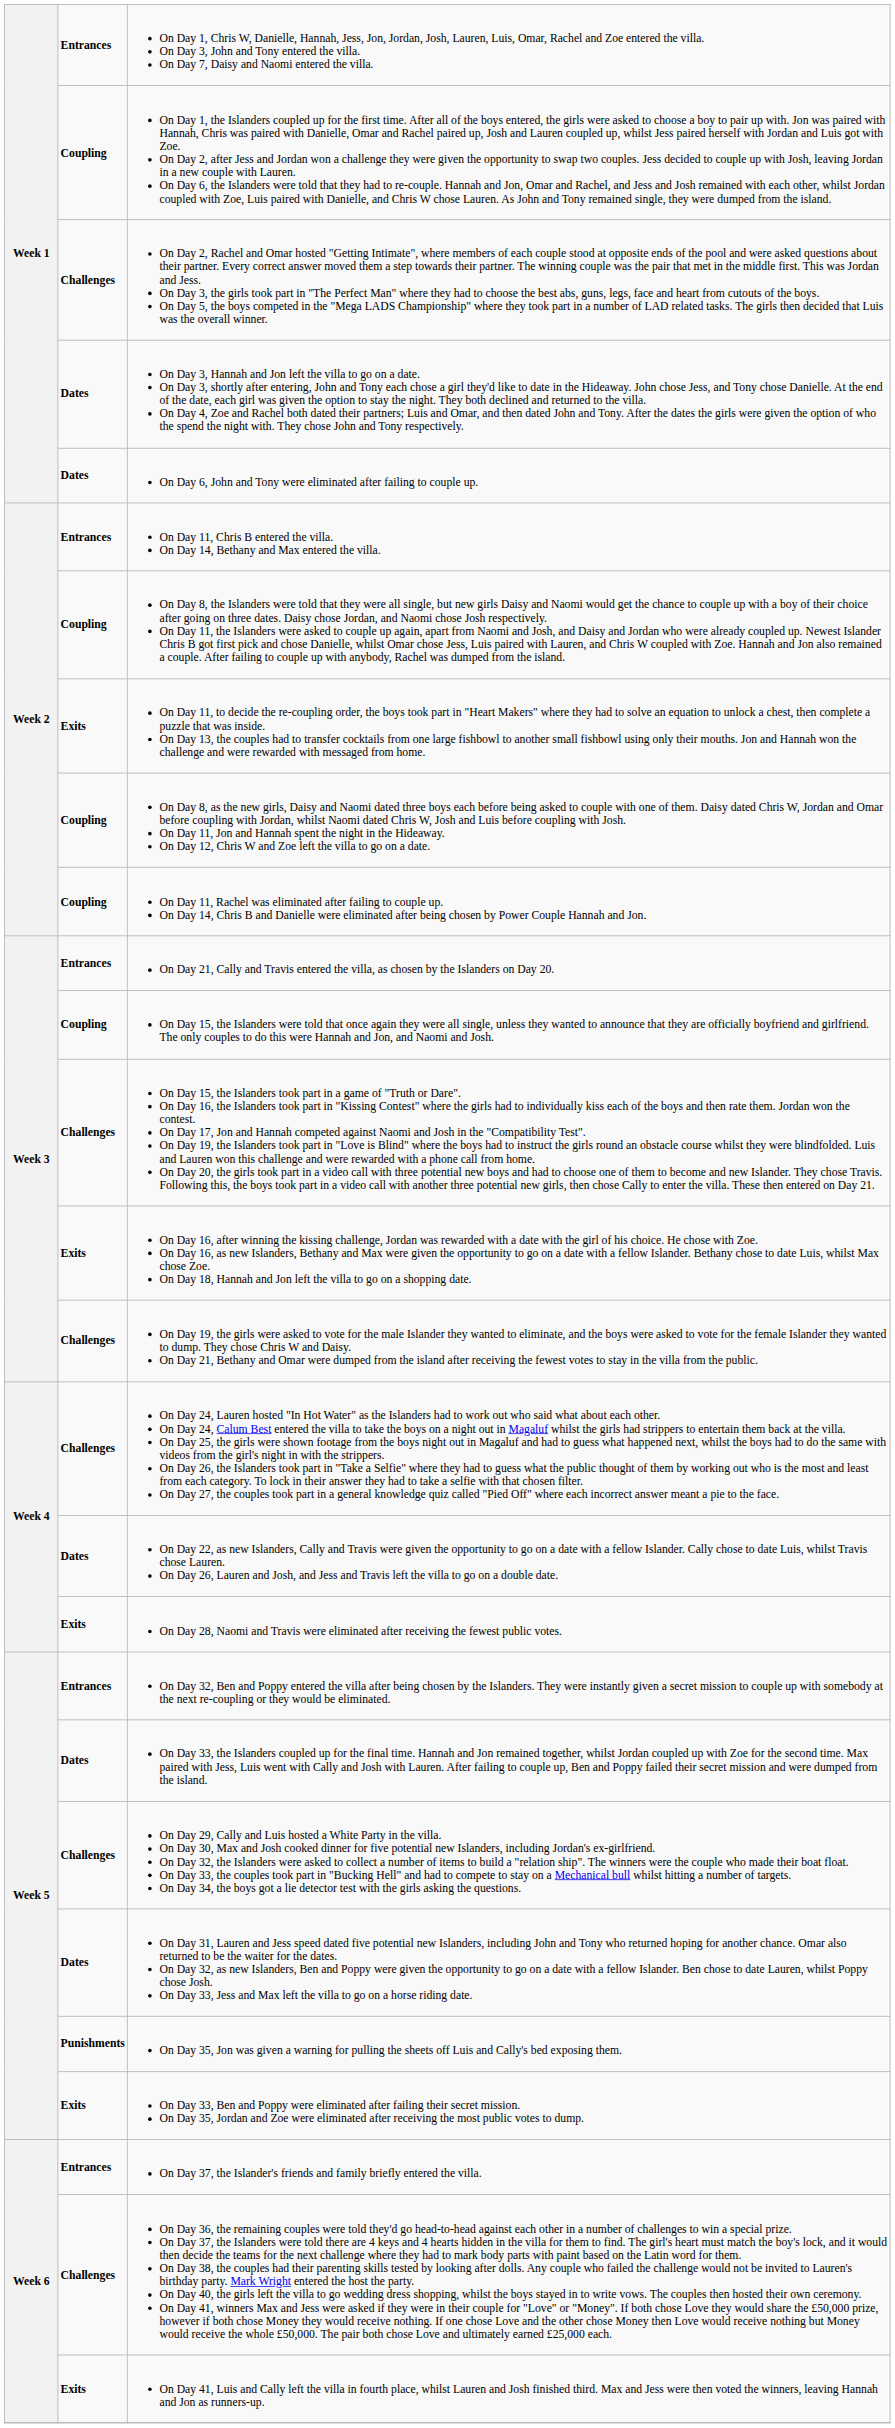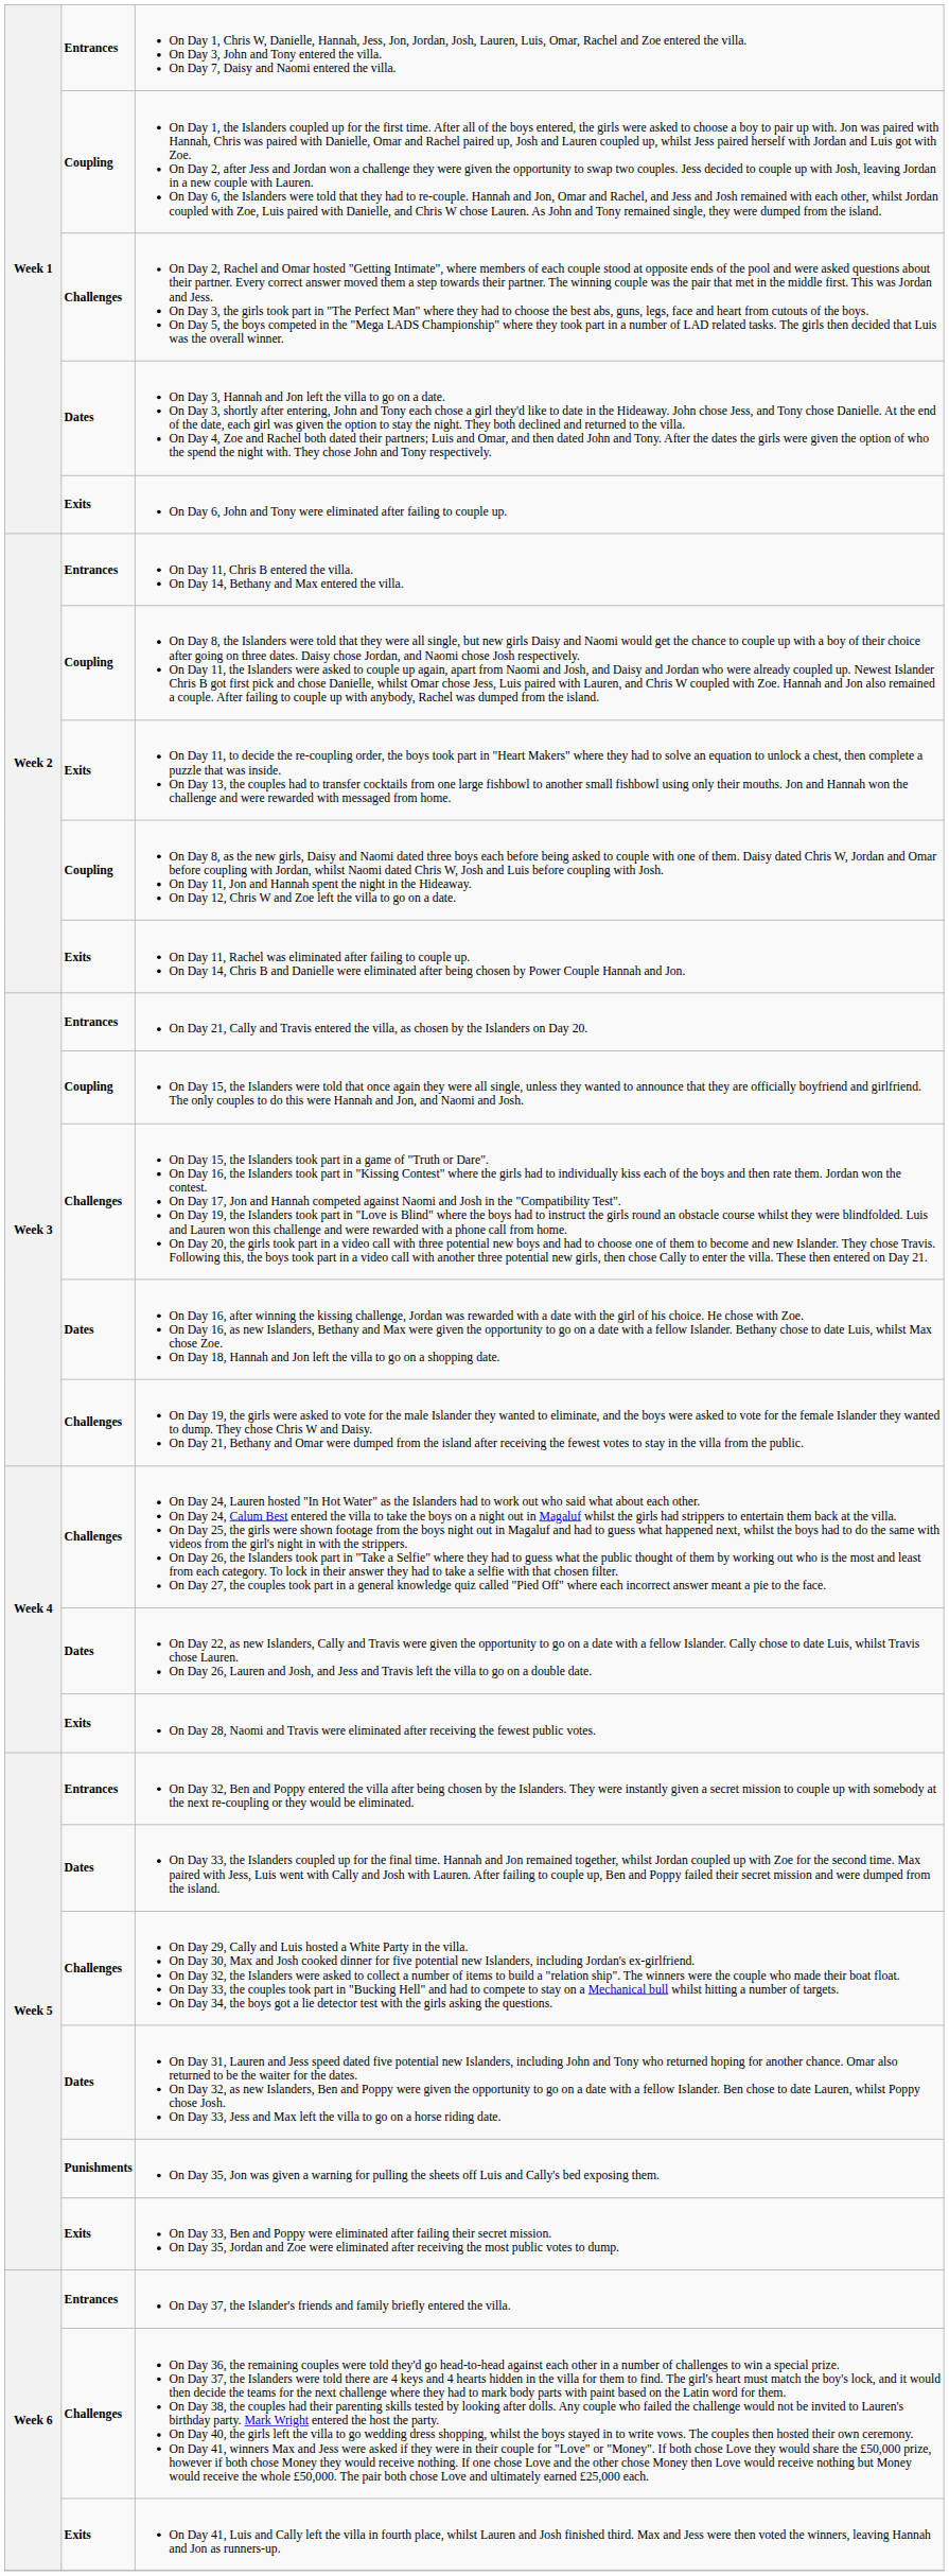 <table class="wikitable" style="width: 96%; margin-left: auto; margin-right: auto;">
 <tr>
 <th rowspan=5 style="width: 6%;">Week 1</th>
 <td><strong>Entrances</strong></td>
 <td><br><ul><li>On Day 1, Chris W, Danielle, Hannah, Jess, Jon, Jordan, Josh, Lauren, Luis, Omar, Rachel and Zoe entered the villa.</li><li>On Day 3, John and Tony entered the villa.</li><li>On Day 7, Daisy and Naomi entered the villa.</li></ul></td>
 </tr>
 <tr>
 <td><strong>Coupling</strong></td>
 <td><br><ul><li>On Day 1, the Islanders coupled up for the first time. After all of the boys entered, the girls were asked to choose a boy to pair up with. Jon was paired with Hannah, Chris was paired with Danielle, Omar and Rachel paired up, Josh and Lauren coupled up, whilst Jess paired herself with Jordan and Luis got with Zoe.</li><li>On Day 2, after Jess and Jordan won a challenge they were given the opportunity to swap two couples. Jess decided to couple up with Josh, leaving Jordan in a new couple with Lauren.</li><li>On Day 6, the Islanders were told that they had to re-couple. Hannah and Jon, Omar and Rachel, and Jess and Josh remained with each other, whilst Jordan coupled with Zoe, Luis paired with Danielle, and Chris W chose Lauren. As John and Tony remained single, they were dumped from the island.</li></ul></td>
 </tr>
 <tr>
 <td><strong>Challenges</strong></td>
 <td><br><ul><li>On Day 2, Rachel and Omar hosted "Getting Intimate", where members of each couple stood at opposite ends of the pool and were asked questions about their partner. Every correct answer moved them a step towards their partner. The winning couple was the pair that met in the middle first. This was Jordan and Jess.</li><li>On Day 3, the girls took part in "The Perfect Man" where they had to choose the best abs, guns, legs, face and heart from cutouts of the boys.</li><li>On Day 5, the boys competed in the "Mega LADS Championship" where they took part in a number of LAD related tasks. The girls then decided that Luis was the overall winner.</li></ul></td>
 </tr>
 <tr>
 <td><strong>Dates</strong></td>
 <td><br><ul><li>On Day 3, Hannah and Jon left the villa to go on a date.</li><li>On Day 3, shortly after entering, John and Tony each chose a girl they'd like to date in the Hideaway. John chose Jess, and Tony chose Danielle. At the end of the date, each girl was given the option to stay the night. They both declined and returned to the villa.</li><li>On Day 4, Zoe and Rachel both dated their partners; Luis and Omar, and then dated John and Tony. After the dates the girls were given the option of who the spend the night with. They chose John and Tony respectively.</li></ul></td>
 </tr>
 <tr>
-<td><strong>Dates</strong></td>
+<td><strong>Exits</strong></td>
 <td><br><ul><li>On Day 6, John and Tony were eliminated after failing to couple up.</li></ul></td>
 </tr>
 <tr>
 <th rowspan=5 style="width: 6%;">Week 2</th>
 <td><strong>Entrances</strong></td>
 <td><br><ul><li>On Day 11, Chris B entered the villa.</li><li>On Day 14, Bethany and Max entered the villa.</li></ul></td>
 </tr>
 <tr>
 <td><strong>Coupling</strong></td>
 <td><br><ul><li>On Day 8, the Islanders were told that they were all single, but new girls Daisy and Naomi would get the chance to couple up with a boy of their choice after going on three dates. Daisy chose Jordan, and Naomi chose Josh respectively.</li><li>On Day 11, the Islanders were asked to couple up again, apart from Naomi and Josh, and Daisy and Jordan who were already coupled up. Newest Islander Chris B got first pick and chose Danielle, whilst Omar chose Jess, Luis paired with Lauren, and Chris W coupled with Zoe. Hannah and Jon also remained a couple. After failing to couple up with anybody, Rachel was dumped from the island.</li></ul></td>
 </tr>
 <tr>
 <td><strong>Exits</strong></td>
 <td><br><ul><li>On Day 11, to decide the re-coupling order, the boys took part in "Heart Makers" where they had to solve an equation to unlock a chest, then complete a puzzle that was inside.</li><li>On Day 13, the couples had to transfer cocktails from one large fishbowl to another small fishbowl using only their mouths. Jon and Hannah won the challenge and were rewarded with messaged from home.</li></ul></td>
 </tr>
 <tr>
 <td><strong>Coupling</strong></td>
 <td><br><ul><li>On Day 8, as the new girls, Daisy and Naomi dated three boys each before being asked to couple with one of them. Daisy dated Chris W, Jordan and Omar before coupling with Jordan, whilst Naomi dated Chris W, Josh and Luis before coupling with Josh.</li><li>On Day 11, Jon and Hannah spent the night in the Hideaway.</li><li>On Day 12, Chris W and Zoe left the villa to go on a date.</li></ul></td>
 </tr>
 <tr>
-<td><strong>Coupling</strong></td>
+<td><strong>Exits</strong></td>
 <td><br><ul><li>On Day 11, Rachel was eliminated after failing to couple up.</li><li>On Day 14, Chris B and Danielle were eliminated after being chosen by Power Couple Hannah and Jon.</li></ul></td>
 </tr>
 <tr>
 <th rowspan=5 style="width: 6%;">Week 3</th>
 <td><strong>Entrances</strong></td>
 <td><br><ul><li>On Day 21, Cally and Travis entered the villa, as chosen by the Islanders on Day 20.</li></ul></td>
 </tr>
 <tr>
 <td><strong>Coupling</strong></td>
 <td><br><ul><li>On Day 15, the Islanders were told that once again they were all single, unless they wanted to announce that they are officially boyfriend and girlfriend. The only couples to do this were Hannah and Jon, and Naomi and Josh.</li></ul></td>
 </tr>
 <tr>
 <td><strong>Challenges</strong></td>
 <td><br><ul><li>On Day 15, the Islanders took part in a game of "Truth or Dare".</li><li>On Day 16, the Islanders took part in "Kissing Contest" where the girls had to individually kiss each of the boys and then rate them. Jordan won the contest.</li><li>On Day 17, Jon and Hannah competed against Naomi and Josh in the "Compatibility Test".</li><li>On Day 19, the Islanders took part in "Love is Blind" where the boys had to instruct the girls round an obstacle course whilst they were blindfolded. Luis and Lauren won this challenge and were rewarded with a phone call from home.</li><li>On Day 20, the girls took part in a video call with three potential new boys and had to choose one of them to become and new Islander. They chose Travis. Following this, the boys took part in a video call with another three potential new girls, then chose Cally to enter the villa. These then entered on Day 21.</li></ul></td>
 </tr>
 <tr>
-<td><strong>Exits</strong></td>
+<td><strong>Dates</strong></td>
 <td><br><ul><li>On Day 16, after winning the kissing challenge, Jordan was rewarded with a date with the girl of his choice. He chose with Zoe.</li><li>On Day 16, as new Islanders, Bethany and Max were given the opportunity to go on a date with a fellow Islander. Bethany chose to date Luis, whilst Max chose Zoe.</li><li>On Day 18, Hannah and Jon left the villa to go on a shopping date.</li></ul></td>
 </tr>
 <tr>
 <td><strong>Challenges</strong></td>
 <td><br><ul><li>On Day 19, the girls were asked to vote for the male Islander they wanted to eliminate, and the boys were asked to vote for the female Islander they wanted to dump. They chose Chris W and Daisy.</li><li>On Day 21, Bethany and Omar were dumped from the island after receiving the fewest votes to stay in the villa from the public.</li></ul></td>
 </tr>
 <tr>
 <th rowspan=3 style="width: 6%;">Week 4</th>
 <td><strong>Challenges</strong></td>
 <td><br><ul><li>On Day 24, Lauren hosted "In Hot Water" as the Islanders had to work out who said what about each other.</li><li>On Day 24, <a href='#'>Calum Best</a> entered the villa to take the boys on a night out in <a href='#'>Magaluf</a> whilst the girls had strippers to entertain them back at the villa.</li><li>On Day 25, the girls were shown footage from the boys night out in Magaluf and had to guess what happened next, whilst the boys had to do the same with videos from the girl's night in with the strippers.</li><li>On Day 26, the Islanders took part in "Take a Selfie" where they had to guess what the public thought of them by working out who is the most and least from each category. To lock in their answer they had to take a selfie with that chosen filter.</li><li>On Day 27, the couples took part in a general knowledge quiz called "Pied Off" where each incorrect answer meant a pie to the face.</li></ul></td>
 </tr>
 <tr>
 <td><strong>Dates</strong></td>
 <td><br><ul><li>On Day 22, as new Islanders, Cally and Travis were given the opportunity to go on a date with a fellow Islander. Cally chose to date Luis, whilst Travis chose Lauren.</li><li>On Day 26, Lauren and Josh, and Jess and Travis left the villa to go on a double date.</li></ul></td>
 </tr>
 <tr>
 <td><strong>Exits</strong></td>
 <td><br><ul><li>On Day 28, Naomi and Travis were eliminated after receiving the fewest public votes.</li></ul></td>
 </tr>
 <tr>
 <th rowspan=6 style="width: 6%;">Week 5</th>
 <td><strong>Entrances</strong></td>
 <td><br><ul><li>On Day 32, Ben and Poppy entered the villa after being chosen by the Islanders. They were instantly given a secret mission to couple up with somebody at the next re-coupling or they would be eliminated.</li></ul></td>
 </tr>
 <tr>
 <td><strong>Dates</strong></td>
 <td><br><ul><li>On Day 33, the Islanders coupled up for the final time. Hannah and Jon remained together, whilst Jordan coupled up with Zoe for the second time. Max paired with Jess, Luis went with Cally and Josh with Lauren. After failing to couple up, Ben and Poppy failed their secret mission and were dumped from the island.</li></ul></td>
 </tr>
 <tr>
 <td><strong>Challenges</strong></td>
 <td><br><ul><li>On Day 29, Cally and Luis hosted a White Party in the villa.</li><li>On Day 30, Max and Josh cooked dinner for five potential new Islanders, including Jordan's ex-girlfriend.</li><li>On Day 32, the Islanders were asked to collect a number of items to build a "relation ship". The winners were the couple who made their boat float.</li><li>On Day 33, the couples took part in "Bucking Hell" and had to compete to stay on a <a href='#'>Mechanical bull</a> whilst hitting a number of targets.</li><li>On Day 34, the boys got a lie detector test with the girls asking the questions.</li></ul></td>
 </tr>
 <tr>
 <td><strong>Dates</strong></td>
 <td><br><ul><li>On Day 31, Lauren and Jess speed dated five potential new Islanders, including John and Tony who returned hoping for another chance. Omar also returned to be the waiter for the dates.</li><li>On Day 32, as new Islanders, Ben and Poppy were given the opportunity to go on a date with a fellow Islander. Ben chose to date Lauren, whilst Poppy chose Josh.</li><li>On Day 33, Jess and Max left the villa to go on a horse riding date.</li></ul></td>
 </tr>
 <tr>
 <td><strong>Punishments</strong></td>
 <td><br><ul><li>On Day 35, Jon was given a warning for pulling the sheets off Luis and Cally's bed exposing them.</li></ul></td>
 </tr>
 <tr>
 <td><strong>Exits</strong></td>
 <td><br><ul><li>On Day 33, Ben and Poppy were eliminated after failing their secret mission.</li><li>On Day 35, Jordan and Zoe were eliminated after receiving the most public votes to dump.</li></ul></td>
 </tr>
 <tr>
 <th rowspan=3 style="width: 6%;">Week 6</th>
 <td><strong>Entrances</strong></td>
 <td><br><ul><li>On Day 37, the Islander's friends and family briefly entered the villa.</li></ul></td>
 </tr>
 <tr>
 <td><strong>Challenges</strong></td>
 <td><br><ul><li>On Day 36, the remaining couples were told they'd go head-to-head against each other in a number of challenges to win a special prize.</li><li>On Day 37, the Islanders were told there are 4 keys and 4 hearts hidden in the villa for them to find. The girl's heart must match the boy's lock, and it would then decide the teams for the next challenge where they had to mark body parts with paint based on the Latin word for them.</li><li>On Day 38, the couples had their parenting skills tested by looking after dolls. Any couple who failed the challenge would not be invited to Lauren's birthday party. <a href='#'>Mark Wright</a> entered the host the party.</li><li>On Day 40, the girls left the villa to go wedding dress shopping, whilst the boys stayed in to write vows. The couples then hosted their own ceremony.</li><li>On Day 41, winners Max and Jess were asked if they were in their couple for "Love" or "Money". If both chose Love they would share the £50,000 prize, however if both chose Money they would receive nothing. If one chose Love and the other chose Money then Love would receive nothing but Money would receive the whole £50,000. The pair both chose Love and ultimately earned £25,000 each.</li></ul></td>
 </tr>
 <tr>
 <td><strong>Exits</strong></td>
 <td><br><ul><li>On Day 41, Luis and Cally left the villa in fourth place, whilst Lauren and Josh finished third. Max and Jess were then voted the winners, leaving Hannah and Jon as runners-up.</li></ul></td>
 </tr>
 <tr>
 </tr>
 </table>
